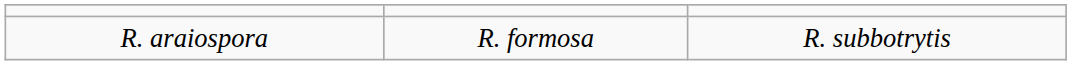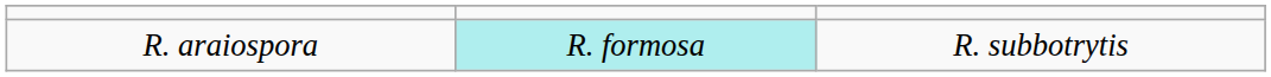 <table class="wikitable" style="width:640px; margin: 1em auto; text-align: center;">
 <tr>
 <td></td>
 <td></td>
 <td></td>
 </tr>
 <tr>
 <td><em>R. araiospora</em></td>
-<td><em>R. formosa</em></td>
+<td style="background: paleturquoise;"><em>R. formosa</em></td>
 <td><em>R. subbotrytis</em></td>
 </tr>
 </table>
